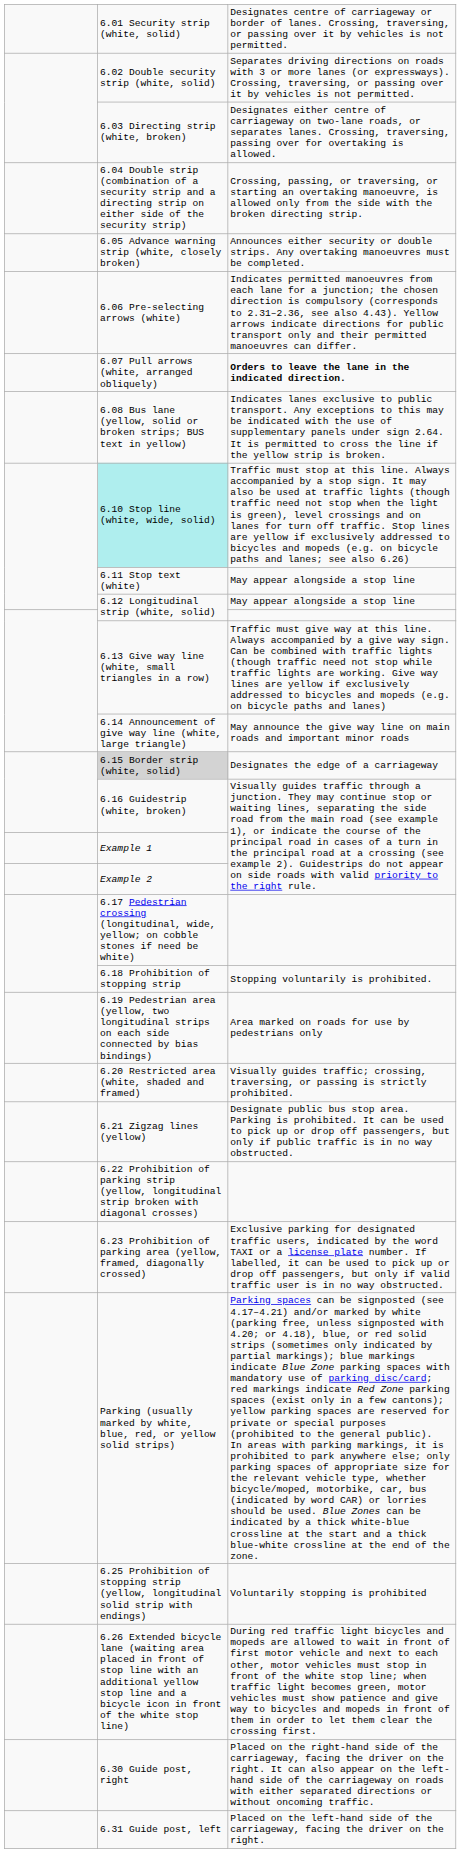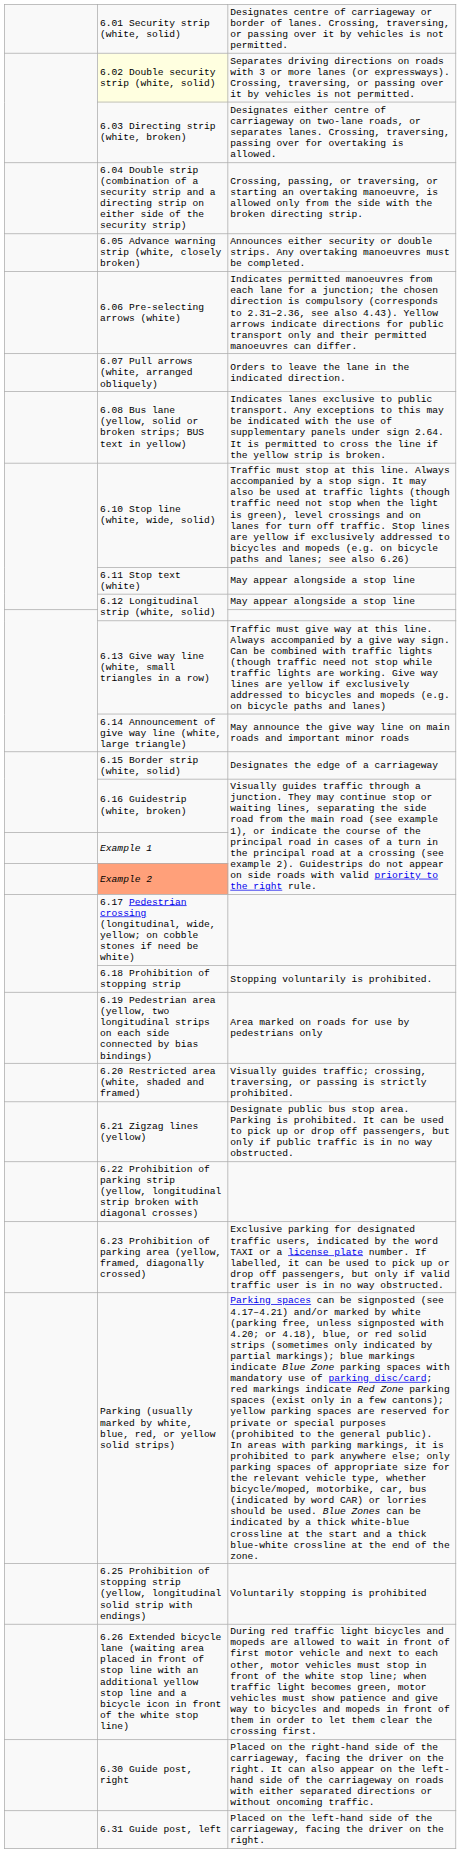 <table class="wikitable">
 <tr>
 <td style="width:120px"></td>
 <td>6.01 Security strip (white, solid)</td>
 <td>Designates centre of carriageway or border of lanes. Crossing, traversing, or passing over it by vehicles is not permitted.</td>
 </tr>
 <tr>
 <td rowspan=2></td>
-<td>6.02 Double security strip (white, solid)</td>
+<td style="background: lightyellow;">6.02 Double security strip (white, solid)</td>
 <td>Separates driving directions on roads with 3 or more lanes (or expressways). Crossing, traversing, or passing over it by vehicles is not permitted.</td>
 </tr>
 <tr>
 <td>6.03 Directing strip (white, broken)</td>
 <td>Designates either centre of carriageway on two-lane roads, or separates lanes. Crossing, traversing, passing over for overtaking is allowed.</td>
 </tr>
 <tr>
 <td></td>
 <td>6.04 Double strip (combination of a security strip and a directing strip on either side of the security strip)</td>
 <td>Crossing, passing, or traversing, or starting an overtaking manoeuvre, is allowed only from the side with the broken directing strip.</td>
 </tr>
 <tr>
 <td></td>
 <td>6.05 Advance warning strip (white, closely broken)</td>
 <td>Announces either security or double strips. Any overtaking manoeuvres must be completed.</td>
 </tr>
 <tr>
 <td></td>
 <td>6.06 Pre-selecting arrows (white)</td>
 <td>Indicates permitted manoeuvres from each lane for a junction; the chosen direction is compulsory (corresponds to 2.31–2.36, see also 4.43). Yellow arrows indicate directions for public transport only and their permitted manoeuvres can differ.</td>
 </tr>
 <tr>
 <td></td>
 <td>6.07 Pull arrows (white, arranged obliquely)</td>
-<td><strong>Orders to leave the lane in the indicated direction.</strong></td>
+<td>Orders to leave the lane in the indicated direction.</td>
 </tr>
 <tr>
 <td></td>
 <td>6.08 Bus lane (yellow, solid or broken strips; BUS text in yellow)</td>
 <td>Indicates lanes exclusive to public transport. Any exceptions to this may be indicated with the use of supplementary panels under sign 2.64. It is permitted to cross the line if the yellow strip is broken.</td>
 </tr>
 <tr>
 <td rowspan=3></td>
-<td style="background: paleturquoise;">6.10 Stop line (white, wide, solid)</td>
+<td>6.10 Stop line (white, wide, solid)</td>
 <td>Traffic must stop at this line. Always accompanied by a stop sign. It may also be used at traffic lights (though traffic need not stop when the light is green), level crossings and on lanes for turn off traffic. Stop lines are yellow if exclusively addressed to bicycles and mopeds (e.g. on bicycle paths and lanes; see also 6.26)</td>
 </tr>
 <tr>
 <td>6.11 Stop text (white)</td>
 <td>May appear alongside a stop line</td>
 </tr>
 <tr>
 <td rowspan=2>6.12 Longitudinal strip (white, solid)</td>
 <td>May appear alongside a stop line</td>
 </tr>
 <tr>
 <td rowspan=3></td>
 </tr>
 <tr>
 <td>6.13 Give way line (white, small triangles in a row)</td>
 <td>Traffic must give way at this line. Always accompanied by a give way sign. Can be combined with traffic lights (though traffic need not stop while traffic lights are working. Give way lines are yellow if exclusively addressed to bicycles and mopeds (e.g. on bicycle paths and lanes)</td>
 </tr>
 <tr>
 <td>6.14 Announcement of give way line (white, large triangle)</td>
 <td>May announce the give way line on main roads and important minor roads</td>
 </tr>
 <tr>
 <td rowspan=2></td>
-<td style="background: lightgrey;">6.15 Border strip (white, solid)</td>
+<td>6.15 Border strip (white, solid)</td>
 <td>Designates the edge of a carriageway</td>
 </tr>
 <tr>
 <td>6.16 Guidestrip (white, broken)</td>
 <td rowspan=3>Visually guides traffic through a junction. They may continue stop or waiting lines, separating the side road from the main road (see example 1), or indicate the course of the principal road  in cases of a turn in the principal road at a crossing (see example 2). Guidestrips do not appear on side roads with valid <a href='#'>priority to the right</a> rule.</td>
 </tr>
 <tr>
 <td></td>
 <td><em>Example 1</em></td>
 </tr>
 <tr>
 <td></td>
-<td><em>Example 2</em></td>
+<td style="background: lightsalmon;"><em>Example 2</em></td>
 </tr>
 <tr>
 <td rowspan=2></td>
 <td>6.17 <a href='#'>Pedestrian crossing</a> (longitudinal, wide, yellow; on cobble stones if need be white)</td>
 </tr>
 <tr>
 <td>6.18 Prohibition of stopping strip</td>
 <td>Stopping voluntarily is prohibited.</td>
 </tr>
 <tr>
 <td></td>
 <td>6.19 Pedestrian area (yellow, two longitudinal strips on each side connected by bias bindings)</td>
 <td>Area marked on roads for use by pedestrians only</td>
 </tr>
 <tr>
 <td></td>
 <td>6.20 Restricted area (white, shaded and framed)</td>
 <td>Visually guides traffic; crossing, traversing, or passing is strictly prohibited.</td>
 </tr>
 <tr>
 <td></td>
 <td>6.21 Zigzag lines (yellow)</td>
 <td>Designate public bus stop area. Parking is prohibited. It can be used to pick up or drop off passengers, but only if public traffic is in no way obstructed.</td>
 </tr>
 <tr>
 <td></td>
 <td>6.22 Prohibition of parking strip (yellow, longitudinal strip broken with diagonal crosses)</td>
 </tr>
 <tr>
 <td></td>
 <td>6.23 Prohibition of parking area (yellow, framed, diagonally crossed)</td>
 <td>Exclusive parking for designated traffic users, indicated by the word TAXI or a <a href='#'>license plate</a> number. If labelled, it can be used to pick up or drop off passengers, but only if valid traffic user is in no way obstructed.</td>
 </tr>
 <tr>
 <td style="text-align:center"></td>
 <td>Parking (usually marked by white, blue, red, or yellow solid strips)</td>
 <td><a href='#'>Parking spaces</a> can be signposted (see 4.17–4.21) and/or marked by white (parking free, unless signposted with 4.20; or 4.18), blue, or red solid strips (sometimes only indicated by partial markings); blue markings indicate <em>Blue Zone</em> parking spaces with mandatory use of <a href='#'>parking disc/card</a>; red markings indicate <em>Red Zone</em> parking spaces (exist only in a few cantons); yellow parking spaces are reserved for private or special purposes (prohibited to the general public).<br>In areas with parking markings, it is prohibited to park anywhere else; only parking spaces of appropriate size for the relevant vehicle type, whether bicycle/moped, motorbike, car, bus (indicated by word CAR) or lorries should be used. <em>Blue Zones</em> can be indicated by a thick white-blue crossline at the start and a thick blue-white crossline at the end of the zone.</td>
 </tr>
 <tr>
 <td></td>
 <td>6.25 Prohibition of stopping strip (yellow, longitudinal solid strip with endings)</td>
 <td>Voluntarily stopping is prohibited</td>
 </tr>
 <tr>
 <td></td>
 <td>6.26 Extended bicycle lane (waiting area placed in front of stop line with an additional yellow stop line and a bicycle icon in front of the white stop line)</td>
 <td>During red traffic light bicycles and mopeds are allowed to wait in front of first motor vehicle and next to each other, motor vehicles must stop in front of the white stop line; when traffic light becomes green, motor vehicles must show patience and give way to bicycles and mopeds in front of them in order to let them clear the crossing first.</td>
 </tr>
 <tr>
 <td style="text-align:center"></td>
 <td>6.30 Guide post, right</td>
 <td>Placed on the right-hand side of the carriageway, facing the driver on the right. It can also appear on the left-hand side of the carriageway on roads with either separated directions or without oncoming traffic.</td>
 </tr>
 <tr>
 <td style="text-align:center"></td>
 <td>6.31 Guide post, left</td>
 <td>Placed on the left-hand side of the carriageway, facing the driver on the right.</td>
 </tr>
 </table>
